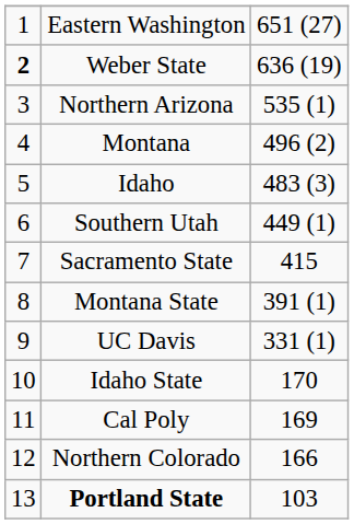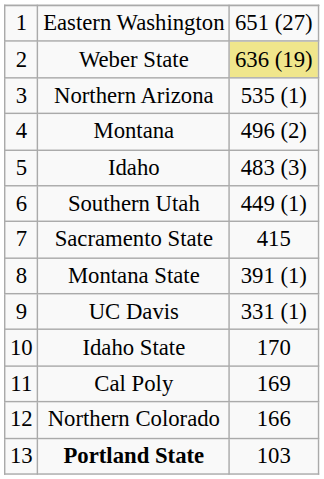 <table class="wikitable" style="display: inline-table;">
 <tr align="center">
 </tr>
 <tr align="center">
 <td>1</td>
 <td>Eastern Washington</td>
 <td>651 (27)</td>
 </tr>
 <tr align="center">
-<td><strong>2</strong></td>
+<td>2</td>
 <td>Weber State</td>
-<td>636 (19)</td>
+<td style="background: khaki;">636 (19)</td>
 </tr>
 <tr align="center">
 <td>3</td>
 <td>Northern Arizona</td>
 <td>535 (1)</td>
 </tr>
 <tr align="center">
 <td>4</td>
 <td>Montana</td>
 <td>496 (2)</td>
 </tr>
 <tr align="center">
 <td>5</td>
 <td>Idaho</td>
 <td>483 (3)</td>
 </tr>
 <tr align="center">
 <td>6</td>
 <td>Southern Utah</td>
 <td>449 (1)</td>
 </tr>
 <tr align="center">
 <td>7</td>
 <td>Sacramento State</td>
 <td>415</td>
 </tr>
 <tr align="center">
 <td>8</td>
 <td>Montana State</td>
 <td>391 (1)</td>
 </tr>
 <tr align="center">
 <td>9</td>
 <td>UC Davis</td>
 <td>331 (1)</td>
 </tr>
 <tr align="center">
 <td>10</td>
 <td>Idaho State</td>
 <td>170</td>
 </tr>
 <tr align="center">
 <td>11</td>
 <td>Cal Poly</td>
 <td>169</td>
 </tr>
 <tr align="center">
 <td>12</td>
 <td>Northern Colorado</td>
 <td>166</td>
 </tr>
 <tr align="center">
 <td>13</td>
 <td><strong>Portland State</strong></td>
 <td>103</td>
 </tr>
 </table>
